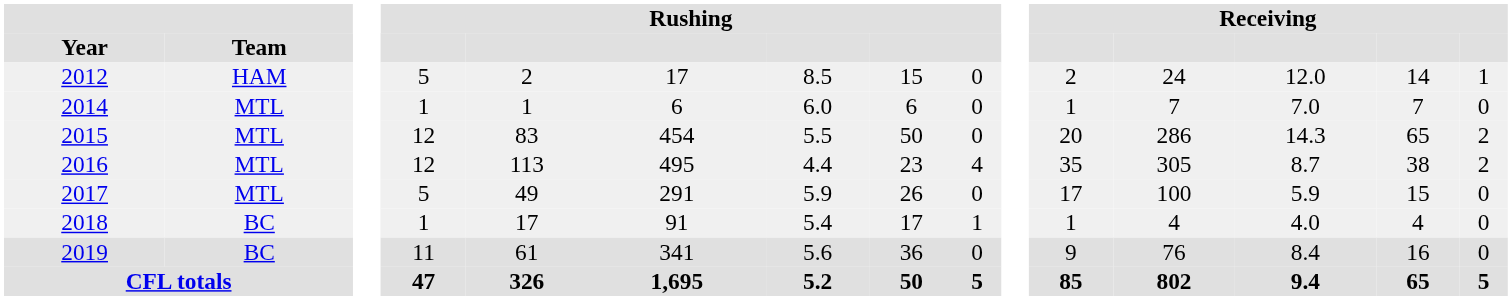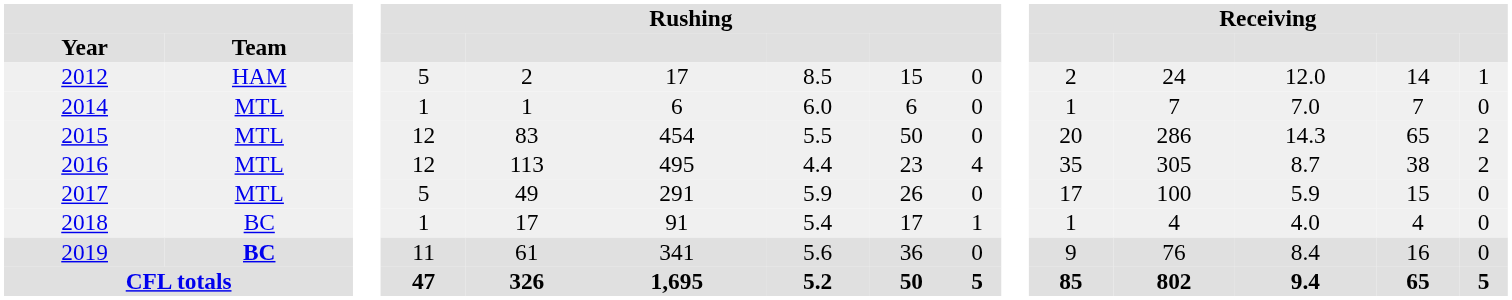 <table BORDER="0" CELLPADDING="1" CELLSPACING="0" width="65%" style="text-align:center">
 <tr bgcolor="#e0e0e0">
 <th colspan="2"></th>
 <th rowspan="100" bgcolor="#ffffff"> </th>
 <th colspan="6">Rushing</th>
 <th rowspan="100" bgcolor="#ffffff"> </th>
 <th colspan="5">Receiving</th>
 </tr>
 <tr bgcolor="#e0e0e0">
 <th>Year</th>
 <th>Team</th>
 <th></th>
 <th></th>
 <th></th>
 <th></th>
 <th></th>
 <th></th>
 <th></th>
 <th></th>
 <th></th>
 <th></th>
 <th></th>
 </tr>
 <tr ALIGN="center" bgcolor="#f0f0f0">
 <td><a href='#'>2012</a></td>
 <td><a href='#'>HAM</a></td>
 <td>5</td>
 <td>2</td>
 <td>17</td>
 <td>8.5</td>
 <td>15</td>
 <td>0</td>
 <td>2</td>
 <td>24</td>
 <td>12.0</td>
 <td>14</td>
 <td>1</td>
 </tr>
 <tr ALIGN="center" bgcolor="#f0f0f0">
 <td><a href='#'>2014</a></td>
 <td><a href='#'>MTL</a></td>
 <td>1</td>
 <td>1</td>
 <td>6</td>
 <td>6.0</td>
 <td>6</td>
 <td>0</td>
 <td>1</td>
 <td>7</td>
 <td>7.0</td>
 <td>7</td>
 <td>0</td>
 </tr>
 <tr ALIGN="center" bgcolor="#f0f0f0">
 <td><a href='#'>2015</a></td>
 <td><a href='#'>MTL</a></td>
 <td>12</td>
 <td>83</td>
 <td>454</td>
 <td>5.5</td>
 <td>50</td>
 <td>0</td>
 <td>20</td>
 <td>286</td>
 <td>14.3</td>
 <td>65</td>
 <td>2</td>
 </tr>
 <tr ALIGN="center" bgcolor="#f0f0f0">
 <td><a href='#'>2016</a></td>
 <td><a href='#'>MTL</a></td>
 <td>12</td>
 <td>113</td>
 <td>495</td>
 <td>4.4</td>
 <td>23</td>
 <td>4</td>
 <td>35</td>
 <td>305</td>
 <td>8.7</td>
 <td>38</td>
 <td>2</td>
 </tr>
 <tr ALIGN="center" bgcolor="#f0f0f0">
 <td><a href='#'>2017</a></td>
 <td><a href='#'>MTL</a></td>
 <td>5</td>
 <td>49</td>
 <td>291</td>
 <td>5.9</td>
 <td>26</td>
 <td>0</td>
 <td>17</td>
 <td>100</td>
 <td>5.9</td>
 <td>15</td>
 <td>0</td>
 </tr>
 <tr ALIGN="center" bgcolor="#f0f0f0">
 <td><a href='#'>2018</a></td>
 <td><a href='#'>BC</a></td>
 <td>1</td>
 <td>17</td>
 <td>91</td>
 <td>5.4</td>
 <td>17</td>
 <td>1</td>
 <td>1</td>
 <td>4</td>
 <td>4.0</td>
 <td>4</td>
 <td>0</td>
 </tr>
 <tr bgcolor="#e0e0e0">
 <td><a href='#'>2019</a></td>
-<td><a href='#'>BC</a></td>
+<td><strong><a href='#'>BC</a></strong></td>
 <td>11</td>
 <td>61</td>
 <td>341</td>
 <td>5.6</td>
 <td>36</td>
 <td>0</td>
 <td>9</td>
 <td>76</td>
 <td>8.4</td>
 <td>16</td>
 <td>0</td>
 </tr>
 <tr bgcolor="e0e0e0">
 <th colspan="2"><a href='#'>CFL totals</a></th>
 <th>47</th>
 <th>326</th>
 <th>1,695</th>
 <th>5.2</th>
 <th>50</th>
 <th>5</th>
 <th>85</th>
 <th>802</th>
 <th>9.4</th>
 <th>65</th>
 <th>5</th>
 </tr>
 </table>
